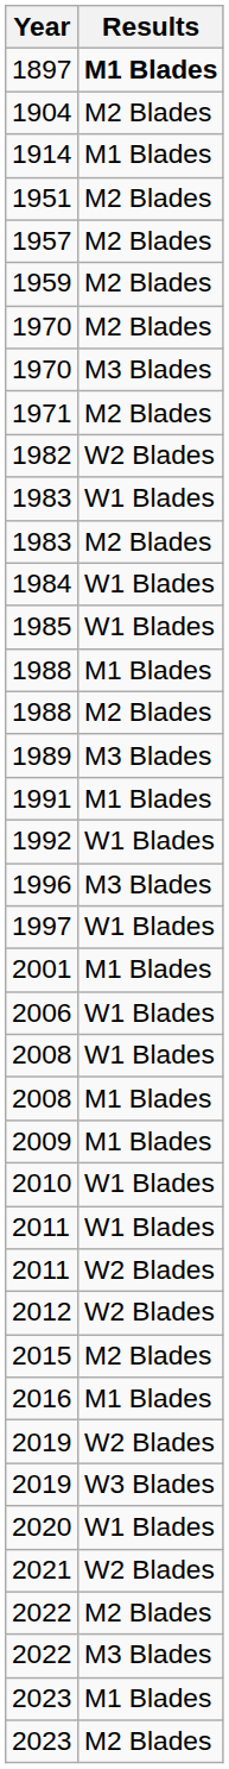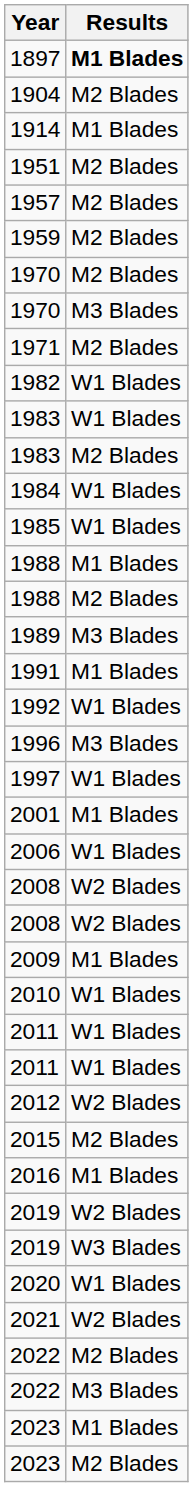 <table class="wikitable">
 <tr>
 <th>Year</th>
 <th>Results</th>
 </tr>
 <tr>
 <td>1897</td>
 <td><strong>M1 Blades</strong></td>
 </tr>
 <tr>
 <td>1904</td>
 <td>M2 Blades</td>
 </tr>
 <tr>
 <td>1914</td>
 <td>M1 Blades</td>
 </tr>
 <tr>
 <td>1951</td>
 <td>M2 Blades</td>
 </tr>
 <tr>
 <td>1957</td>
 <td>M2 Blades</td>
 </tr>
 <tr>
 <td>1959</td>
 <td>M2 Blades</td>
 </tr>
 <tr>
 <td>1970</td>
 <td>M2 Blades</td>
 </tr>
 <tr>
 <td>1970</td>
 <td>M3 Blades</td>
 </tr>
 <tr>
 <td>1971</td>
 <td>M2 Blades</td>
 </tr>
 <tr>
 <td>1982</td>
-<td>W2 Blades</td>
+<td>W1 Blades</td>
 </tr>
 <tr>
 <td>1983</td>
 <td>W1 Blades</td>
 </tr>
 <tr>
 <td>1983</td>
 <td>M2 Blades</td>
 </tr>
 <tr>
 <td>1984</td>
 <td>W1 Blades</td>
 </tr>
 <tr>
 <td>1985</td>
 <td>W1 Blades</td>
 </tr>
 <tr>
 <td>1988</td>
 <td>M1 Blades</td>
 </tr>
 <tr>
 <td>1988</td>
 <td>M2 Blades</td>
 </tr>
 <tr>
 <td>1989</td>
 <td>M3 Blades</td>
 </tr>
 <tr>
 <td>1991</td>
 <td>M1 Blades</td>
 </tr>
 <tr>
 <td>1992</td>
 <td>W1 Blades</td>
 </tr>
 <tr>
 <td>1996</td>
 <td>M3 Blades</td>
 </tr>
 <tr>
 <td>1997</td>
 <td>W1 Blades</td>
 </tr>
 <tr>
 <td>2001</td>
 <td>M1 Blades</td>
 </tr>
 <tr>
 <td>2006</td>
 <td>W1 Blades</td>
 </tr>
 <tr>
 <td>2008</td>
-<td>W1 Blades</td>
+<td>W2 Blades</td>
 </tr>
 <tr>
 <td>2008</td>
-<td>M1 Blades</td>
+<td>W2 Blades</td>
 </tr>
 <tr>
 <td>2009</td>
 <td>M1 Blades</td>
 </tr>
 <tr>
 <td>2010</td>
 <td>W1 Blades</td>
 </tr>
 <tr>
 <td>2011</td>
 <td>W1 Blades</td>
 </tr>
 <tr>
 <td>2011</td>
-<td>W2 Blades</td>
+<td>W1 Blades</td>
 </tr>
 <tr>
 <td>2012</td>
 <td>W2 Blades</td>
 </tr>
 <tr>
 <td>2015</td>
 <td>M2 Blades</td>
 </tr>
 <tr>
 <td>2016</td>
 <td>M1 Blades</td>
 </tr>
 <tr>
 <td>2019</td>
 <td>W2 Blades</td>
 </tr>
 <tr>
 <td>2019</td>
 <td>W3 Blades</td>
 </tr>
 <tr>
 <td>2020</td>
 <td>W1 Blades</td>
 </tr>
 <tr>
 <td>2021</td>
 <td>W2 Blades</td>
 </tr>
 <tr>
 <td>2022</td>
 <td>M2 Blades</td>
 </tr>
 <tr>
 <td>2022</td>
 <td>M3 Blades</td>
 </tr>
 <tr>
 <td>2023</td>
 <td>M1 Blades</td>
 </tr>
 <tr>
 <td>2023</td>
 <td>M2 Blades</td>
 </tr>
 </table>
